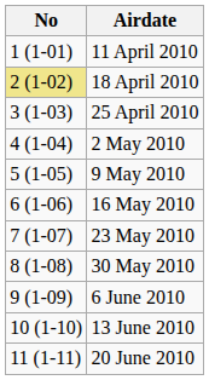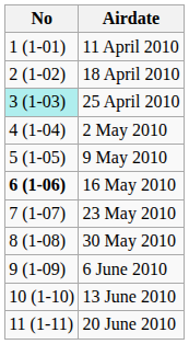 <table class="wikitable">
 <tr>
 <th>No</th>
 <th>Airdate</th>
 </tr>
 <tr>
 <td rowspan="1">1 (1-01)</td>
 <td>11 April 2010</td>
 </tr>
 <tr>
-<td rowspan="1" style="background: khaki;">2 (1-02)</td>
+<td rowspan="1">2 (1-02)</td>
 <td>18 April 2010</td>
 </tr>
 <tr>
-<td rowspan="1">3 (1-03)</td>
+<td rowspan="1" style="background: paleturquoise;">3 (1-03)</td>
 <td>25 April 2010</td>
 </tr>
 <tr>
 <td rowspan="1">4 (1-04)</td>
 <td>2 May 2010</td>
 </tr>
 <tr>
 <td rowspan="1">5 (1-05)</td>
 <td>9 May 2010</td>
 </tr>
 <tr>
-<td rowspan="1">6 (1-06)</td>
+<td rowspan="1"><strong>6 (1-06)</strong></td>
 <td>16 May 2010</td>
 </tr>
 <tr>
 <td rowspan="1">7 (1-07)</td>
 <td>23 May 2010</td>
 </tr>
 <tr>
 <td rowspan="1">8 (1-08)</td>
 <td>30 May 2010</td>
 </tr>
 <tr>
 <td rowspan="1">9 (1-09)</td>
 <td>6 June 2010</td>
 </tr>
 <tr>
 <td rowspan="1">10 (1-10)</td>
 <td>13 June 2010</td>
 </tr>
 <tr>
 <td rowspan="1">11 (1-11)</td>
 <td>20 June 2010</td>
 </tr>
 <tr>
 </tr>
 </table>
